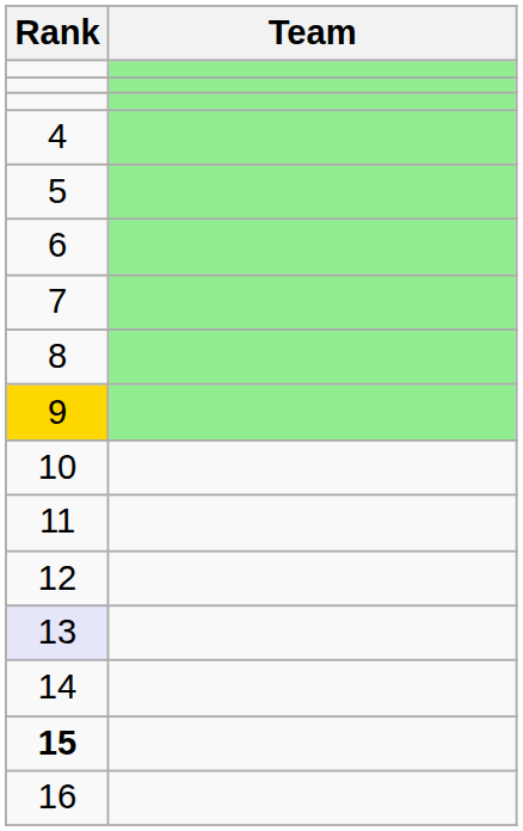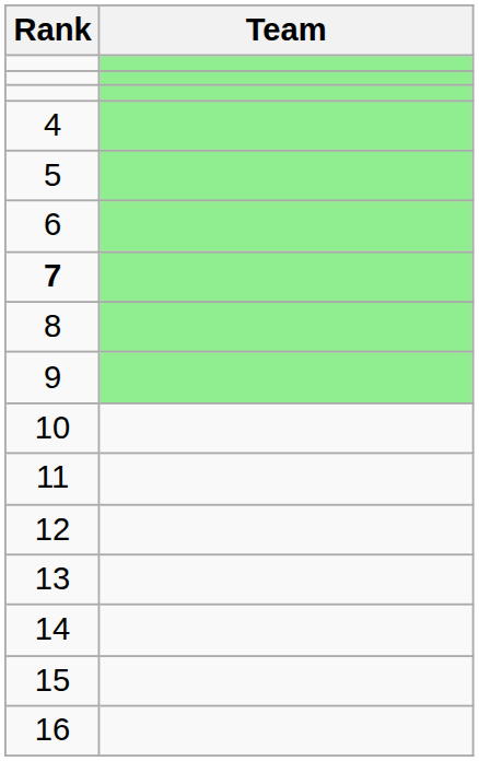 <table class="wikitable" style="text-align: center;">
 <tr>
 <th width=40>Rank</th>
 <th width=180>Team</th>
 </tr>
 <tr>
 <td></td>
 <td bgcolor=lightgreen align=left></td>
 </tr>
 <tr>
 <td></td>
 <td bgcolor=lightgreen align=left></td>
 </tr>
 <tr>
 <td></td>
 <td bgcolor=lightgreen align=left></td>
 </tr>
 <tr>
 <td>4</td>
 <td bgcolor=lightgreen align=left></td>
 </tr>
 <tr>
 <td>5</td>
 <td bgcolor=lightgreen align=left></td>
 </tr>
 <tr>
 <td>6</td>
 <td bgcolor=lightgreen align=left></td>
 </tr>
 <tr>
-<td>7</td>
+<td><strong>7</strong></td>
 <td bgcolor=lightgreen align=left></td>
 </tr>
 <tr>
 <td>8</td>
 <td bgcolor=lightgreen align=left></td>
 </tr>
 <tr>
-<td style="background: gold;">9</td>
+<td>9</td>
 <td bgcolor=lightgreen align=left></td>
 </tr>
 <tr>
 <td>10</td>
 <td align=left></td>
 </tr>
 <tr>
 <td>11</td>
 <td align=left></td>
 </tr>
 <tr>
 <td>12</td>
 <td align=left></td>
 </tr>
 <tr>
-<td style="background: lavender;">13</td>
+<td>13</td>
 <td align=left></td>
 </tr>
 <tr>
 <td>14</td>
 <td align=left></td>
 </tr>
 <tr>
-<td><strong>15</strong></td>
+<td>15</td>
 <td align=left></td>
 </tr>
 <tr>
 <td>16</td>
 <td align=left></td>
 </tr>
 </table>
